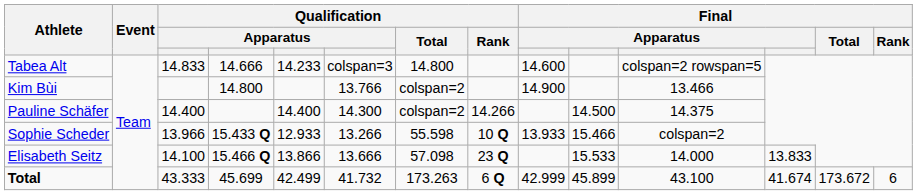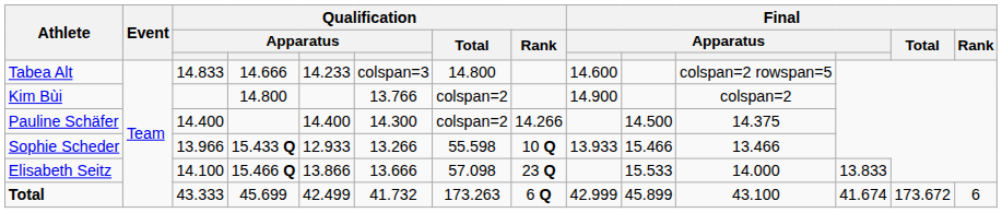 <table class="wikitable" style="font-size:90%">
 <tr>
 <th rowspan=3>Athlete</th>
 <th rowspan=3>Event</th>
 <th colspan=6>Qualification</th>
 <th colspan=6>Final</th>
 </tr>
 <tr style="font-size:95%">
 <th colspan=4>Apparatus</th>
 <th rowspan=2>Total</th>
 <th rowspan=2>Rank</th>
 <th colspan=4>Apparatus</th>
 <th rowspan=2>Total</th>
 <th rowspan=2>Rank</th>
 </tr>
 <tr style="font-size:95%">
 <th></th>
 <th></th>
 <th></th>
 <th></th>
 <th></th>
 <th></th>
 <th></th>
 <th></th>
 </tr>
 <tr align=center>
 <td align=left><a href='#'>Tabea Alt</a></td>
 <td align=left rowspan=6><a href='#'>Team</a></td>
 <td>14.833</td>
 <td>14.666</td>
 <td>14.233</td>
 <td>colspan=3 </td>
 <td>14.800</td>
 <td></td>
 <td>14.600</td>
 <td></td>
 <td>colspan=2 rowspan=5 </td>
 </tr>
 <tr align=center>
 <td align=left><a href='#'>Kim Bùi</a></td>
 <td></td>
 <td>14.800</td>
 <td></td>
 <td>13.766</td>
 <td>colspan=2 </td>
 <td></td>
 <td>14.900</td>
 <td></td>
-<td>13.466</td>
+<td>colspan=2 </td>
 </tr>
 <tr align=center>
 <td align=left><a href='#'>Pauline Schäfer</a></td>
 <td>14.400</td>
 <td></td>
 <td>14.400</td>
 <td>14.300</td>
 <td>colspan=2 </td>
 <td>14.266</td>
 <td></td>
 <td>14.500</td>
 <td>14.375</td>
 </tr>
 <tr align=center>
 <td align=left><a href='#'>Sophie Scheder</a></td>
 <td>13.966</td>
 <td>15.433 <strong>Q</strong></td>
 <td>12.933</td>
 <td>13.266</td>
 <td>55.598</td>
 <td>10 <strong>Q</strong></td>
 <td>13.933</td>
 <td>15.466</td>
-<td>colspan=2 </td>
+<td>13.466</td>
 </tr>
 <tr align=center>
 <td align=left><a href='#'>Elisabeth Seitz</a></td>
 <td>14.100</td>
 <td>15.466 <strong>Q</strong></td>
 <td>13.866</td>
 <td>13.666</td>
 <td>57.098</td>
 <td>23 <strong>Q</strong></td>
 <td></td>
 <td>15.533</td>
 <td>14.000</td>
 <td>13.833</td>
 </tr>
 <tr align=center>
 <td align=left><strong>Total</strong></td>
 <td>43.333</td>
 <td>45.699</td>
 <td>42.499</td>
 <td>41.732</td>
 <td>173.263</td>
 <td>6 <strong>Q</strong></td>
 <td>42.999</td>
 <td>45.899</td>
 <td>43.100</td>
 <td>41.674</td>
 <td>173.672</td>
 <td>6</td>
 </tr>
 </table>
